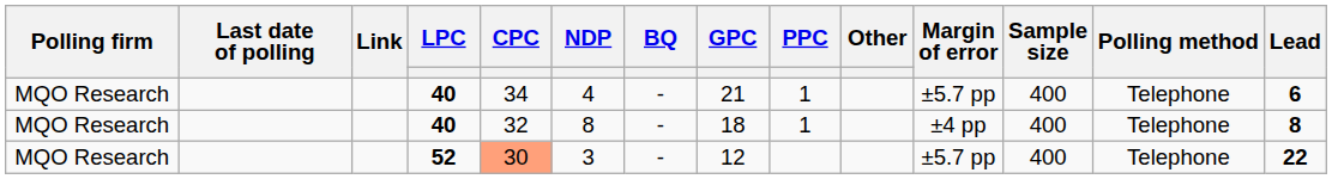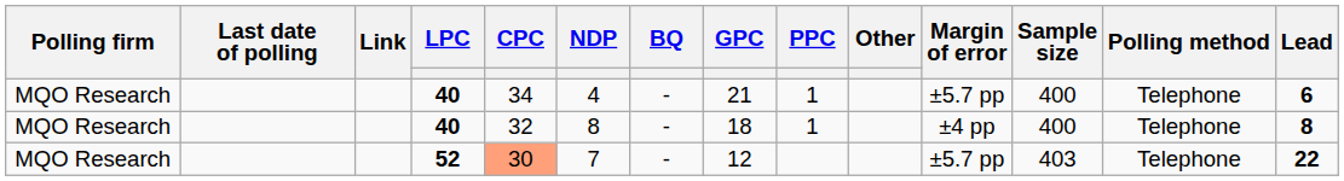 <table class="wikitable sortable mw-datatable" style="text-align:center;font-size:90%;line-height:14px;">
 <tr style="height:40px;">
 <th rowspan="2" style="width:105px;">Polling firm</th>
 <th rowspan="2" style="width:105px;">Last date<br>of polling</th>
 <th rowspan="2">Link</th>
 <th class="unsortable" style="width:40px;"><a href='#'>LPC</a></th>
 <th class="unsortable" style="width:40px;"><a href='#'>CPC</a></th>
 <th class="unsortable" style="width:40px;"><a href='#'>NDP</a></th>
 <th class="unsortable" style="width:40px;"><a href='#'>BQ</a></th>
 <th class="unsortable" style="width:40px;"><a href='#'>GPC</a></th>
 <th class="unsortable" style="width:40px;"><a href='#'>PPC</a></th>
 <th class="unsortable" style="width:40px;">Other</th>
 <th rowspan="2">Margin<br>of error</th>
 <th rowspan="2">Sample<br>size</th>
 <th rowspan="2">Polling method</th>
 <th rowspan="2">Lead</th>
 </tr>
 <tr>
 <th style="background:"></th>
 <th style="background:"></th>
 <th style="background:"></th>
 <th style="background:"></th>
 <th style="background:"></th>
 <th style="background:"></th>
 <th style="background:"></th>
 </tr>
 <tr>
 <td>MQO Research</td>
 <td></td>
 <td></td>
 <td><strong>40</strong></td>
 <td>34</td>
 <td>4</td>
 <td>-</td>
 <td>21</td>
 <td>1</td>
 <td></td>
 <td>±5.7 pp</td>
 <td>400</td>
 <td>Telephone</td>
 <td><strong>6</strong></td>
 </tr>
 <tr>
 <td>MQO Research</td>
 <td></td>
 <td></td>
 <td><strong>40</strong></td>
 <td>32</td>
 <td>8</td>
 <td>-</td>
 <td>18</td>
 <td>1</td>
 <td></td>
 <td>±4 pp</td>
 <td>400</td>
 <td>Telephone</td>
 <td><strong>8</strong></td>
 </tr>
 <tr>
 <td>MQO Research</td>
 <td></td>
 <td></td>
 <td><strong>52</strong></td>
 <td style="background: lightsalmon;">30</td>
-<td>3</td>
+<td>7</td>
 <td>-</td>
 <td>12</td>
 <td></td>
 <td></td>
 <td>±5.7 pp</td>
-<td>400</td>
+<td>403</td>
 <td>Telephone</td>
 <td><strong>22</strong></td>
 </tr>
 </table>
